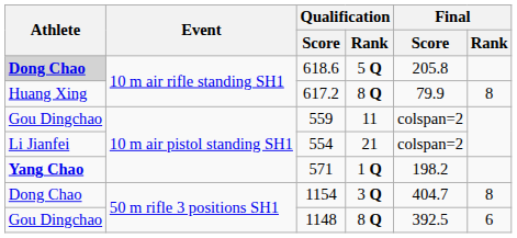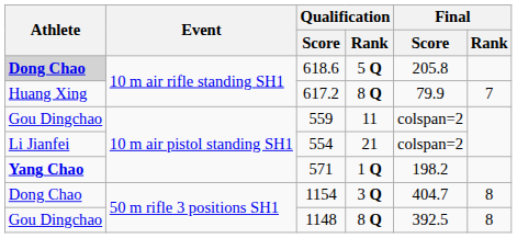 <table class=wikitable>
 <tr>
 <th rowspan="2">Athlete</th>
 <th rowspan="2">Event</th>
 <th colspan="2">Qualification</th>
 <th colspan="2">Final</th>
 </tr>
 <tr>
 <th>Score</th>
 <th>Rank</th>
 <th>Score</th>
 <th>Rank</th>
 </tr>
 <tr align=center>
 <td align=left style="background: lightgrey;"><strong><a href='#'>Dong Chao</a></strong></td>
 <td align=left rowspan=2><a href='#'>10 m air rifle standing SH1</a></td>
 <td>618.6</td>
 <td>5 <strong>Q</strong></td>
 <td>205.8</td>
 <td></td>
 </tr>
 <tr align=center>
 <td align=left><a href='#'>Huang Xing</a></td>
 <td>617.2</td>
 <td>8 <strong>Q</strong></td>
 <td>79.9</td>
-<td>8</td>
+<td>7</td>
 </tr>
 <tr align=center>
 <td align=left><a href='#'>Gou Dingchao</a></td>
 <td align=left rowspan=3><a href='#'>10 m air pistol standing SH1</a></td>
 <td>559</td>
 <td>11</td>
 <td>colspan=2</td>
 </tr>
 <tr align=center>
 <td align=left><a href='#'>Li Jianfei</a></td>
 <td>554</td>
 <td>21</td>
 <td>colspan=2</td>
 </tr>
 <tr align=center>
 <td align=left><strong><a href='#'>Yang Chao</a></strong></td>
 <td>571</td>
 <td>1 <strong>Q</strong></td>
 <td>198.2</td>
 <td></td>
 </tr>
 <tr align=center>
 <td align=left><a href='#'>Dong Chao</a></td>
 <td align=left rowspan=2><a href='#'>50 m rifle 3 positions SH1</a></td>
 <td>1154</td>
 <td>3 <strong>Q</strong></td>
 <td>404.7</td>
 <td>8</td>
 </tr>
 <tr align=center>
 <td align=left><a href='#'>Gou Dingchao</a></td>
 <td>1148</td>
 <td>8 <strong>Q</strong></td>
 <td>392.5</td>
-<td>6</td>
+<td>8</td>
 </tr>
 </table>
